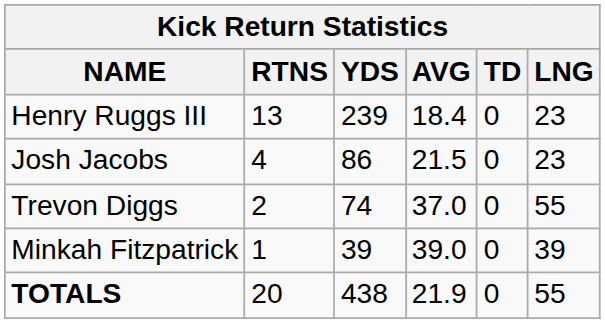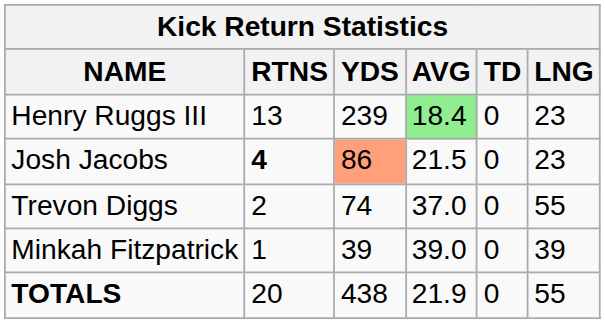 <table class="wikitable sortable collapsible collapsed">
 <tr>
 <th colspan="8">Kick Return Statistics</th>
 </tr>
 <tr>
 <th>NAME</th>
 <th>RTNS</th>
 <th>YDS</th>
 <th>AVG</th>
 <th>TD</th>
 <th>LNG</th>
 </tr>
 <tr>
 <td>Henry Ruggs III</td>
 <td>13</td>
 <td>239</td>
-<td>18.4</td>
+<td style="background: lightgreen;">18.4</td>
 <td>0</td>
 <td>23</td>
 </tr>
 <tr>
 <td>Josh Jacobs</td>
-<td>4</td>
-<td>86</td>
+<td><strong>4</strong></td>
+<td style="background: lightsalmon;">86</td>
 <td>21.5</td>
 <td>0</td>
 <td>23</td>
 </tr>
 <tr>
 <td>Trevon Diggs</td>
 <td>2</td>
 <td>74</td>
 <td>37.0</td>
 <td>0</td>
 <td>55</td>
 </tr>
 <tr>
 <td>Minkah Fitzpatrick</td>
 <td>1</td>
 <td>39</td>
 <td>39.0</td>
 <td>0</td>
 <td>39</td>
 </tr>
 <tr>
 <td><strong>TOTALS</strong></td>
 <td>20</td>
 <td>438</td>
 <td>21.9</td>
 <td>0</td>
 <td>55</td>
 </tr>
 </table>
